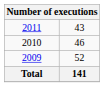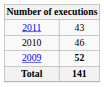 <table class="wikitable" style="text-align:center;">
 <tr>
 <th colspan="2">Number of executions</th>
 </tr>
 <tr>
 <td><a href='#'>2011</a></td>
 <td>43</td>
 </tr>
 <tr>
 <td>2010</td>
 <td>46</td>
 </tr>
 <tr>
 <td><a href='#'>2009</a></td>
-<td>52</td>
+<td><strong>52</strong></td>
 </tr>
 <tr>
 <th>Total</th>
 <th>141</th>
 </tr>
 <tr>
 </tr>
 </table>
